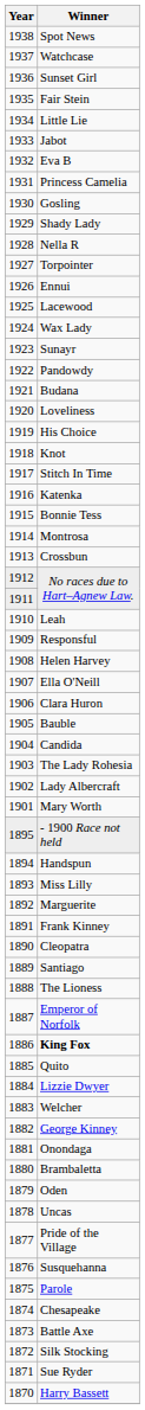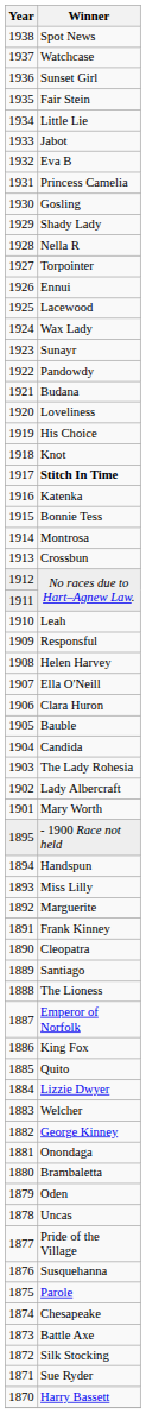 <table class="wikitable sortable" style="font-size:90%">
 <tr>
 <th style="width:30px">Year<br></th>
 <th style="width:110px">Winner<br></th>
 </tr>
 <tr>
 <td align=center>1938</td>
 <td>Spot News</td>
 </tr>
 <tr>
 <td align=center>1937</td>
 <td>Watchcase</td>
 </tr>
 <tr>
 <td align=center>1936</td>
 <td>Sunset Girl</td>
 </tr>
 <tr>
 <td align=center>1935</td>
 <td>Fair Stein</td>
 </tr>
 <tr>
 <td align=center>1934</td>
 <td>Little Lie</td>
 </tr>
 <tr>
 <td align=center>1933</td>
 <td>Jabot</td>
 </tr>
 <tr>
 <td align=center>1932</td>
 <td>Eva B</td>
 </tr>
 <tr>
 <td align=center>1931</td>
 <td>Princess Camelia</td>
 </tr>
 <tr>
 <td align=center>1930</td>
 <td>Gosling</td>
 </tr>
 <tr>
 <td align=center>1929</td>
 <td>Shady Lady</td>
 </tr>
 <tr>
 <td align=center>1928</td>
 <td>Nella R</td>
 </tr>
 <tr>
 <td align=center>1927</td>
 <td>Torpointer</td>
 </tr>
 <tr>
 <td align=center>1926</td>
 <td>Ennui</td>
 </tr>
 <tr>
 <td align=center>1925</td>
 <td>Lacewood</td>
 </tr>
 <tr>
 <td align=center>1924</td>
 <td>Wax Lady</td>
 </tr>
 <tr>
 <td align=center>1923</td>
 <td>Sunayr</td>
 </tr>
 <tr>
 <td align=center>1922</td>
 <td>Pandowdy</td>
 </tr>
 <tr>
 <td align=center>1921</td>
 <td>Budana</td>
 </tr>
 <tr>
 <td align=center>1920</td>
 <td>Loveliness</td>
 </tr>
 <tr>
 <td align=center>1919</td>
 <td>His Choice</td>
 </tr>
 <tr>
 <td align=center>1918</td>
 <td>Knot</td>
 </tr>
 <tr>
 <td align=center>1917</td>
-<td>Stitch In Time</td>
+<td><strong>Stitch In Time</strong></td>
 </tr>
 <tr>
 <td align=center>1916</td>
 <td>Katenka</td>
 </tr>
 <tr>
 <td align=center>1915</td>
 <td>Bonnie Tess</td>
 </tr>
 <tr>
 <td align=center>1914</td>
 <td>Montrosa</td>
 </tr>
 <tr>
 <td align=center>1913</td>
 <td>Crossbun</td>
 </tr>
 <tr style="background:#eee;">
 <td align=center>1912</td>
 <td rowspan="2" colspan="2" style="text-align:center;"><em>No races due to<br><a href='#'>Hart–Agnew Law</a>.</em></td>
 </tr>
 <tr style="background:#eee;">
 <td align=center>1911</td>
 </tr>
 <tr>
 <td align=center>1910</td>
 <td>Leah</td>
 </tr>
 <tr>
 <td align=center>1909</td>
 <td>Responsful</td>
 </tr>
 <tr>
 <td align=center>1908</td>
 <td>Helen Harvey</td>
 </tr>
 <tr>
 <td align=center>1907</td>
 <td>Ella O'Neill</td>
 </tr>
 <tr>
 <td align=center>1906</td>
 <td>Clara Huron</td>
 </tr>
 <tr>
 <td align=center>1905</td>
 <td>Bauble</td>
 </tr>
 <tr>
 <td align=center>1904</td>
 <td>Candida</td>
 </tr>
 <tr>
 <td align=center>1903</td>
 <td>The Lady Rohesia</td>
 </tr>
 <tr>
 <td align=center>1902</td>
 <td>Lady Albercraft</td>
 </tr>
 <tr>
 <td align=center>1901</td>
 <td>Mary Worth</td>
 </tr>
 <tr bgcolor="#eeeeee">
 <td align=center>1895</td>
 <td>- 1900 <em>Race not held</em></td>
 </tr>
 <tr>
 <td align=center>1894</td>
 <td>Handspun</td>
 </tr>
 <tr>
 <td align=center>1893</td>
 <td>Miss Lilly</td>
 </tr>
 <tr>
 <td align=center>1892</td>
 <td>Marguerite</td>
 </tr>
 <tr>
 <td align=center>1891</td>
 <td>Frank Kinney</td>
 </tr>
 <tr>
 <td align=center>1890</td>
 <td>Cleopatra</td>
 </tr>
 <tr>
 <td align=center>1889</td>
 <td>Santiago</td>
 </tr>
 <tr>
 <td align=center>1888</td>
 <td>The Lioness</td>
 </tr>
 <tr>
 <td align=center>1887</td>
 <td><a href='#'>Emperor of Norfolk</a></td>
 </tr>
 <tr>
 <td align=center>1886</td>
-<td><strong>King Fox</strong></td>
+<td>King Fox</td>
 </tr>
 <tr>
 <td align=center>1885</td>
 <td>Quito</td>
 </tr>
 <tr>
 <td align=center>1884</td>
 <td><a href='#'>Lizzie Dwyer</a></td>
 </tr>
 <tr>
 <td align=center>1883</td>
 <td>Welcher</td>
 </tr>
 <tr>
 <td align=center>1882</td>
 <td><a href='#'>George Kinney</a></td>
 </tr>
 <tr>
 <td align=center>1881</td>
 <td>Onondaga</td>
 </tr>
 <tr>
 <td align=center>1880</td>
 <td>Brambaletta</td>
 </tr>
 <tr>
 <td align=center>1879</td>
 <td>Oden</td>
 </tr>
 <tr>
 <td align=center>1878</td>
 <td>Uncas</td>
 </tr>
 <tr>
 <td align=center>1877</td>
 <td>Pride of the Village</td>
 </tr>
 <tr>
 <td align=center>1876</td>
 <td>Susquehanna</td>
 </tr>
 <tr>
 <td align=center>1875</td>
 <td><a href='#'>Parole</a></td>
 </tr>
 <tr>
 <td align=center>1874</td>
 <td>Chesapeake</td>
 </tr>
 <tr>
 <td align=center>1873</td>
 <td>Battle Axe</td>
 </tr>
 <tr>
 <td align=center>1872</td>
 <td>Silk Stocking</td>
 </tr>
 <tr>
 <td align=center>1871</td>
 <td>Sue Ryder</td>
 </tr>
 <tr>
 <td align=center>1870</td>
 <td><a href='#'>Harry Bassett</a></td>
 </tr>
 <tr>
 </tr>
 </table>
